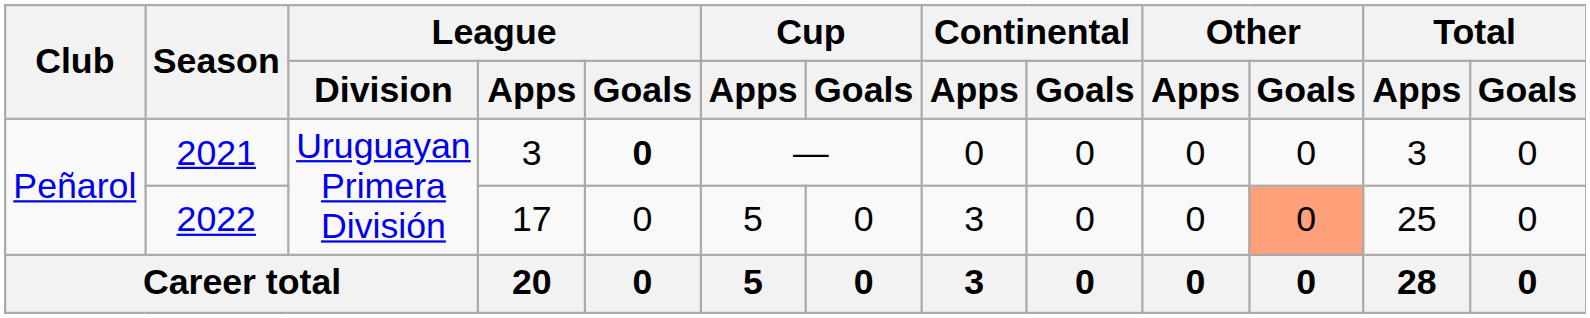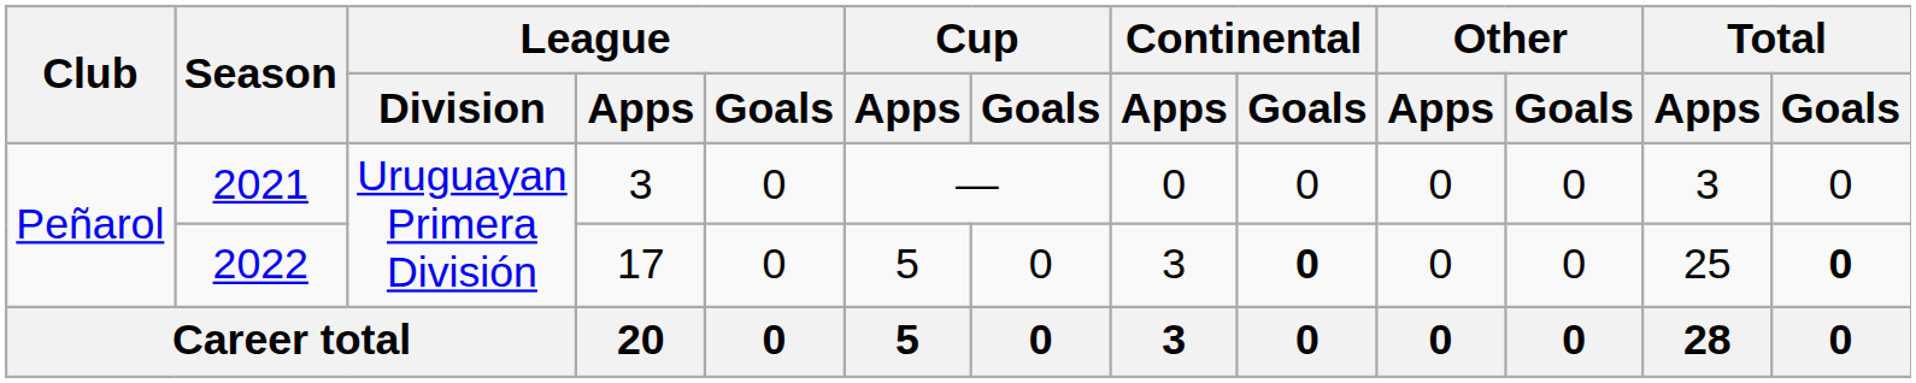 <table class="wikitable" Style="text-align: center">
 <tr>
 <th rowspan="2">Club</th>
 <th rowspan="2">Season</th>
 <th colspan="3">League</th>
 <th colspan="2">Cup</th>
 <th colspan="2">Continental</th>
 <th colspan="2">Other</th>
 <th colspan="2">Total</th>
 </tr>
 <tr>
 <th>Division</th>
 <th>Apps</th>
 <th>Goals</th>
 <th>Apps</th>
 <th>Goals</th>
 <th>Apps</th>
 <th>Goals</th>
 <th>Apps</th>
 <th>Goals</th>
 <th>Apps</th>
 <th>Goals</th>
 </tr>
 <tr>
 <td rowspan="2"><a href='#'>Peñarol</a></td>
 <td><a href='#'>2021</a></td>
 <td rowspan="2"><a href='#'>Uruguayan Primera División</a></td>
 <td>3</td>
-<td><strong>0</strong></td>
+<td>0</td>
 <td colspan="2">—</td>
 <td>0</td>
 <td>0</td>
 <td>0</td>
 <td>0</td>
 <td>3</td>
 <td>0</td>
 </tr>
 <tr>
 <td><a href='#'>2022</a></td>
 <td>17</td>
 <td>0</td>
 <td>5</td>
 <td>0</td>
 <td>3</td>
+<td><strong>0</strong></td>
 <td>0</td>
 <td>0</td>
-<td style="background: lightsalmon;">0</td>
 <td>25</td>
-<td>0</td>
+<td><strong>0</strong></td>
 </tr>
 <tr>
 <th colspan="3">Career total</th>
 <th>20</th>
 <th>0</th>
 <th>5</th>
 <th>0</th>
 <th>3</th>
 <th>0</th>
 <th>0</th>
 <th>0</th>
 <th>28</th>
 <th>0</th>
 </tr>
 </table>
